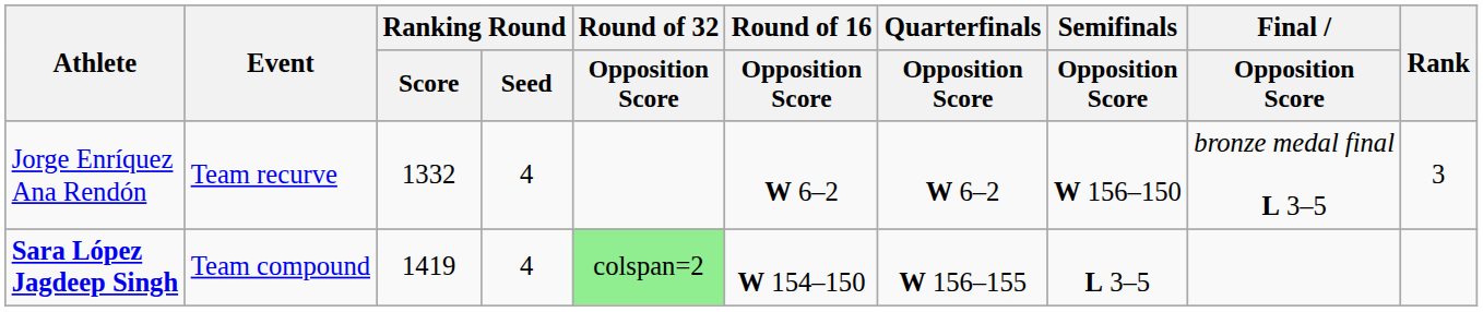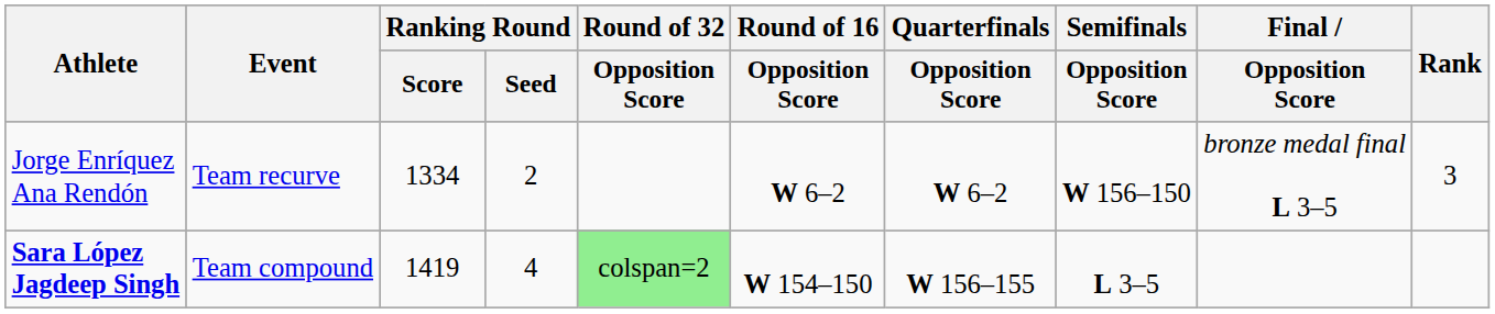 <table class="wikitable" style="font-size:90%">
 <tr>
 <th rowspan="2">Athlete</th>
 <th rowspan="2">Event</th>
 <th colspan="2">Ranking Round</th>
 <th>Round of 32</th>
 <th>Round of 16</th>
 <th>Quarterfinals</th>
 <th>Semifinals</th>
 <th>Final / </th>
 <th rowspan="2">Rank</th>
 </tr>
 <tr style="font-size:95%">
 <th>Score</th>
 <th>Seed</th>
 <th>Opposition<br>Score</th>
 <th>Opposition<br>Score</th>
 <th>Opposition<br>Score</th>
 <th>Opposition<br>Score</th>
 <th>Opposition<br>Score</th>
 </tr>
 <tr align=center>
 <td align=left><a href='#'>Jorge Enríquez</a><br><a href='#'>Ana Rendón</a></td>
 <td align=left><a href='#'>Team recurve</a></td>
-<td>1332</td>
-<td>4</td>
+<td>1334</td>
+<td>2</td>
 <td></td>
 <td><br> <strong>W</strong> 6–2</td>
 <td><br> <strong>W</strong> 6–2</td>
 <td><br> <strong>W</strong> 156–150</td>
 <td><em>bronze medal final</em><br><br> <strong>L</strong> 3–5</td>
 <td>3</td>
 </tr>
 <tr align=center>
 <td align=left><strong><a href='#'>Sara López</a><br><a href='#'>Jagdeep Singh</a></strong></td>
 <td align=left><a href='#'>Team compound</a></td>
 <td>1419</td>
 <td>4</td>
 <td style="background: lightgreen;">colspan=2 </td>
 <td><br> <strong>W</strong> 154–150</td>
 <td><br> <strong>W</strong> 156–155</td>
 <td><br> <strong>L</strong> 3–5</td>
 <td></td>
 </tr>
 </table>
